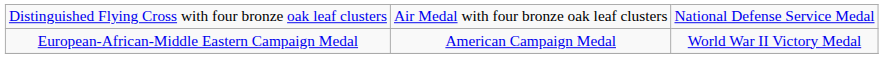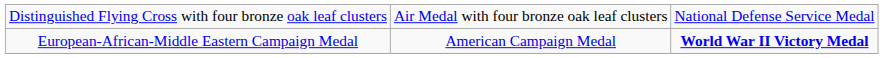 <table class="wikitable" style="margin:1em auto; text-align:center;">
 <tr>
 <td><a href='#'>Distinguished Flying Cross</a> with four bronze <a href='#'>oak leaf clusters</a></td>
 <td><a href='#'>Air Medal</a> with four bronze oak leaf clusters</td>
 <td><a href='#'>National Defense Service Medal</a></td>
 </tr>
 <tr>
 <td><a href='#'>European-African-Middle Eastern Campaign Medal</a></td>
 <td><a href='#'>American Campaign Medal</a></td>
-<td><a href='#'>World War II Victory Medal</a></td>
+<td><strong><a href='#'>World War II Victory Medal</a></strong></td>
 </tr>
 <tr>
 </tr>
 </table>
